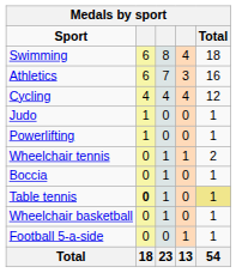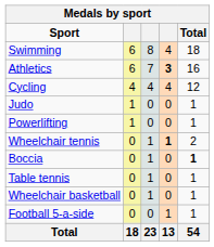 <table class="wikitable" border="1"  style="float:right">
 <tr>
 <th colspan=5><strong>Medals by sport</strong></th>
 </tr>
 <tr align=center>
 <td><strong>Sport</strong></td>
 <th bgcolor=#f7f6a8></th>
 <th bgcolor=#dce5e5></th>
 <th bgcolor=#ffdab9></th>
 <th><strong>Total</strong></th>
 </tr>
 <tr align=center>
 <td align=left><a href='#'>Swimming</a></td>
 <td bgcolor=#f7f6a8>6</td>
 <td bgcolor=#dce5e5>8</td>
 <td bgcolor=#ffdab9>4</td>
 <td>18</td>
 </tr>
 <tr align=center>
 <td align=left><a href='#'>Athletics</a></td>
 <td bgcolor=#f7f6a8>6</td>
 <td bgcolor=#dce5e5>7</td>
-<td bgcolor=#ffdab9>3</td>
+<td bgcolor=#ffdab9><strong>3</strong></td>
 <td>16</td>
 </tr>
 <tr align=center>
 <td align=left><a href='#'>Cycling</a></td>
 <td bgcolor=#f7f6a8>4</td>
 <td bgcolor=#dce5e5>4</td>
 <td bgcolor=#ffdab9>4</td>
 <td>12</td>
 </tr>
 <tr align=center>
 <td align=left><a href='#'>Judo</a></td>
 <td bgcolor=#f7f6a8>1</td>
 <td bgcolor=#dce5e5>0</td>
 <td bgcolor=#ffdab9>0</td>
 <td>1</td>
 </tr>
 <tr align=center>
 <td align=left><a href='#'>Powerlifting</a></td>
 <td bgcolor=#f7f6a8>1</td>
 <td bgcolor=#dce5e5>0</td>
 <td bgcolor=#ffdab9>0</td>
 <td>1</td>
 </tr>
 <tr align=center>
 <td align=left><a href='#'>Wheelchair tennis</a></td>
 <td bgcolor=#f7f6a8>0</td>
 <td bgcolor=#dce5e5>1</td>
-<td bgcolor=#ffdab9>1</td>
+<td bgcolor=#ffdab9><strong>1</strong></td>
 <td>2</td>
 </tr>
 <tr align=center>
 <td align=left><a href='#'>Boccia</a></td>
 <td bgcolor=#f7f6a8>0</td>
 <td bgcolor=#dce5e5>1</td>
 <td bgcolor=#ffdab9>0</td>
-<td>1</td>
+<td><strong>1</strong></td>
 </tr>
 <tr align=center>
 <td align=left><a href='#'>Table tennis</a></td>
-<td bgcolor=#f7f6a8><strong>0</strong></td>
+<td bgcolor=#f7f6a8>0</td>
 <td bgcolor=#dce5e5>1</td>
 <td bgcolor=#ffdab9>0</td>
-<td style="background: khaki;">1</td>
+<td>1</td>
 </tr>
 <tr align=center>
 <td align=left><a href='#'>Wheelchair basketball</a></td>
 <td bgcolor=#f7f6a8>0</td>
 <td bgcolor=#dce5e5>1</td>
 <td bgcolor=#ffdab9>0</td>
 <td>1</td>
 </tr>
 <tr align=center>
 <td align=left><a href='#'>Football 5-a-side</a></td>
 <td bgcolor=#f7f6a8>0</td>
 <td bgcolor=#dce5e5>0</td>
 <td bgcolor=#ffdab9>1</td>
 <td>1</td>
 </tr>
 <tr align=center>
 <th bgcolor=#efefef><strong>Total</strong></th>
 <th bgcolor=#f7f6a8>18</th>
 <th bgcolor=#dce5e5>23</th>
 <th bgcolor=#ffdab9>13</th>
 <th>54</th>
 </tr>
 </table>
